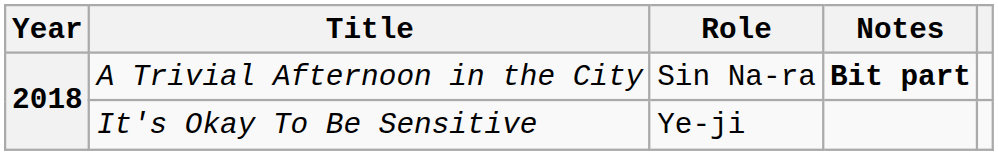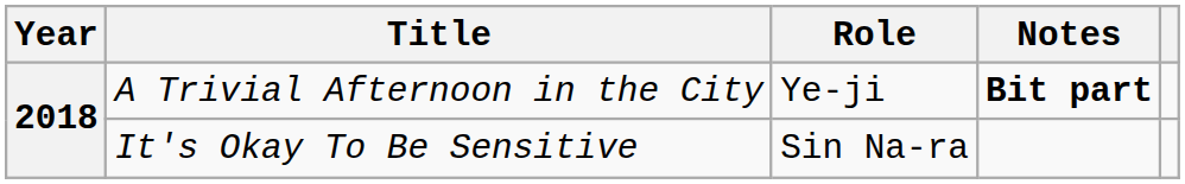 <table class="wikitable plainrowheaders sortable">
 <tr>
 <th scope="col">Year</th>
 <th scope="col">Title</th>
 <th scope="col">Role</th>
 <th scope="col" class="unsortable">Notes</th>
 <th scope="col" class="unsortable"></th>
 </tr>
 <tr>
 <th scope="row" rowspan="2">2018</th>
 <td><em>A Trivial Afternoon in the City</em></td>
-<td>Sin Na-ra</td>
+<td>Ye-ji</td>
 <td><strong>Bit part</strong></td>
 <td style="text-align:center"></td>
 </tr>
 <tr>
 <td><em>It's Okay To Be Sensitive</em></td>
-<td>Ye-ji</td>
+<td>Sin Na-ra</td>
 <td></td>
 <td style="text-align:center"></td>
 </tr>
 </table>
